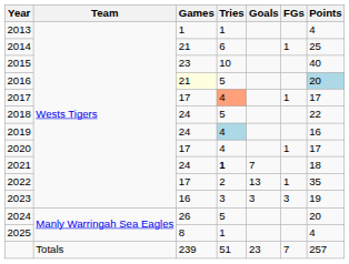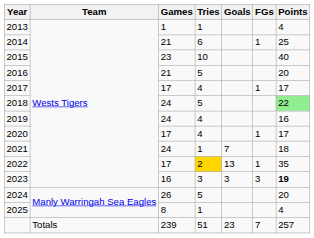 <table class="wikitable">
 <tr>
 <th>Year</th>
 <th>Team</th>
 <th>Games</th>
 <th>Tries</th>
 <th>Goals</th>
 <th>FGs</th>
 <th>Points</th>
 </tr>
 <tr>
 <td>2013</td>
 <td rowspan="11"> <a href='#'>Wests Tigers</a></td>
 <td>1</td>
 <td>1</td>
 <td></td>
 <td></td>
 <td>4</td>
 </tr>
 <tr>
 <td>2014</td>
 <td>21</td>
 <td>6</td>
 <td></td>
 <td>1</td>
 <td>25</td>
 </tr>
 <tr>
 <td>2015</td>
 <td>23</td>
 <td>10</td>
 <td></td>
 <td></td>
 <td>40</td>
 </tr>
 <tr>
 <td>2016</td>
-<td style="background: lightyellow;">21</td>
+<td>21</td>
 <td>5</td>
 <td></td>
 <td></td>
-<td style="background: lightblue;">20</td>
+<td>20</td>
 </tr>
 <tr>
 <td>2017</td>
 <td>17</td>
-<td style="background: lightsalmon;">4</td>
+<td>4</td>
 <td></td>
 <td>1</td>
 <td>17</td>
 </tr>
 <tr>
 <td>2018</td>
 <td>24</td>
 <td>5</td>
 <td></td>
 <td></td>
-<td>22</td>
+<td style="background: lightgreen;">22</td>
 </tr>
 <tr>
 <td>2019</td>
 <td>24</td>
-<td style="background: lightblue;">4</td>
+<td>4</td>
 <td></td>
 <td></td>
 <td>16</td>
 </tr>
 <tr>
 <td>2020</td>
 <td>17</td>
 <td>4</td>
 <td></td>
 <td>1</td>
 <td>17</td>
 </tr>
 <tr>
 <td>2021</td>
 <td>24</td>
-<td><strong>1</strong></td>
+<td>1</td>
 <td>7</td>
 <td></td>
 <td>18</td>
 </tr>
 <tr>
 <td>2022</td>
 <td>17</td>
-<td>2</td>
+<td style="background: gold;">2</td>
 <td>13</td>
 <td>1</td>
 <td>35</td>
 </tr>
 <tr>
 <td>2023</td>
 <td>16</td>
 <td>3</td>
 <td>3</td>
 <td>3</td>
-<td>19</td>
+<td><strong>19</strong></td>
 </tr>
 <tr>
 <td>2024</td>
 <td rowspan="2"> <a href='#'>Manly Warringah Sea Eagles</a></td>
 <td>26</td>
 <td>5</td>
 <td></td>
 <td></td>
 <td>20</td>
 </tr>
 <tr>
 <td>2025</td>
 <td>8</td>
 <td>1</td>
 <td></td>
 <td></td>
 <td>4</td>
 </tr>
 <tr>
 <td></td>
 <td>Totals</td>
 <td>239</td>
 <td>51</td>
 <td>23</td>
 <td>7</td>
 <td>257</td>
 </tr>
 </table>
